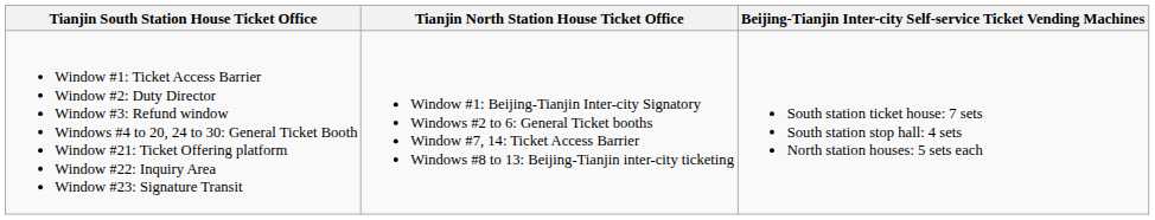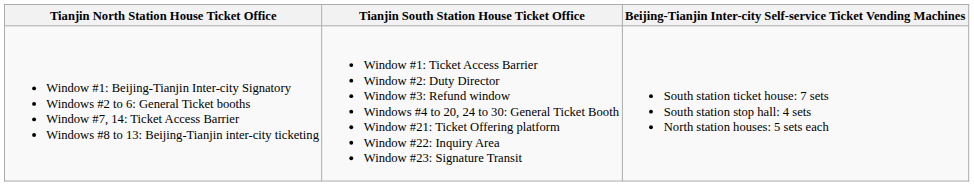 <table class="wikitable" border="1" style="text-align: left; font-size: small;">
 <tr>
+<th>Tianjin North Station House Ticket Office</th>
 <th>Tianjin South Station House Ticket Office</th>
-<th>Tianjin North Station House Ticket Office</th>
 <th>Beijing-Tianjin Inter-city Self-service Ticket Vending Machines</th>
 </tr>
 <tr>
+<td><br><ul><li>Window #1: Beijing-Tianjin Inter-city Signatory</li><li>Windows #2 to 6: General Ticket booths</li><li>Window #7, 14: Ticket Access Barrier</li><li>Windows #8 to 13: Beijing-Tianjin inter-city ticketing</li></ul></td>
 <td><br><ul><li>Window #1: Ticket Access Barrier</li><li>Window #2: Duty Director</li><li>Window #3: Refund window</li><li>Windows #4 to 20, 24 to 30: General Ticket Booth</li><li>Window #21: Ticket Offering platform</li><li>Window #22: Inquiry Area</li><li>Window #23: Signature Transit</li></ul></td>
-<td><br><ul><li>Window #1: Beijing-Tianjin Inter-city Signatory</li><li>Windows #2 to 6: General Ticket booths</li><li>Window #7, 14: Ticket Access Barrier</li><li>Windows #8 to 13: Beijing-Tianjin inter-city ticketing</li></ul></td>
 <td><br><ul><li>South station ticket house: 7 sets</li><li>South station stop hall: 4 sets</li><li>North station houses: 5 sets each</li></ul></td>
 </tr>
 </table>
